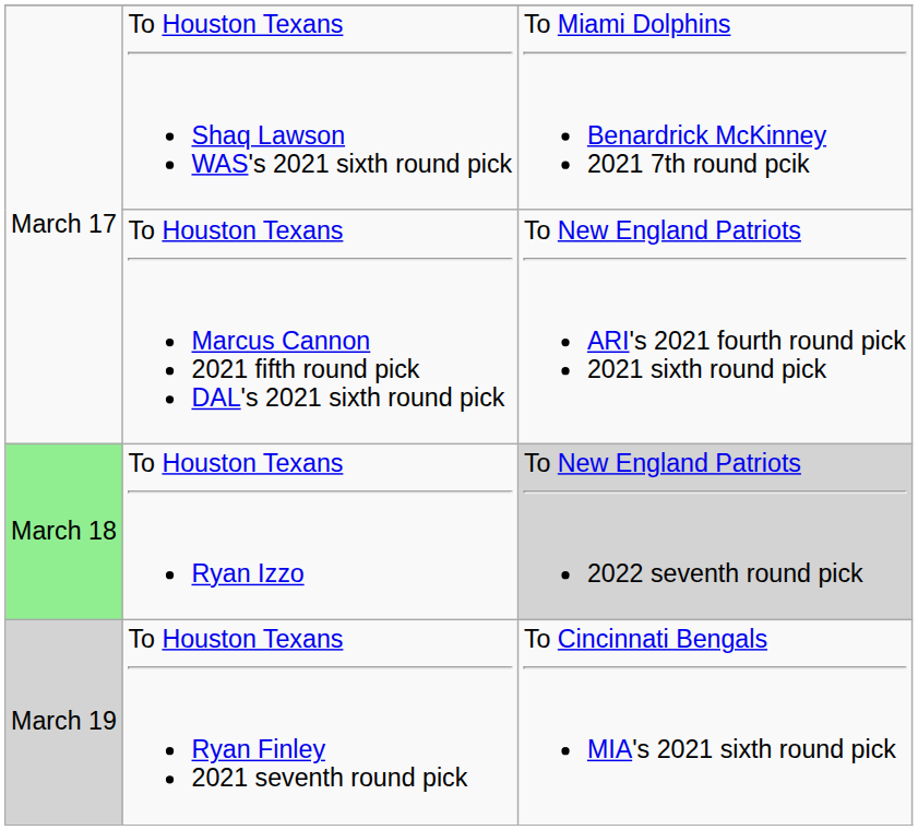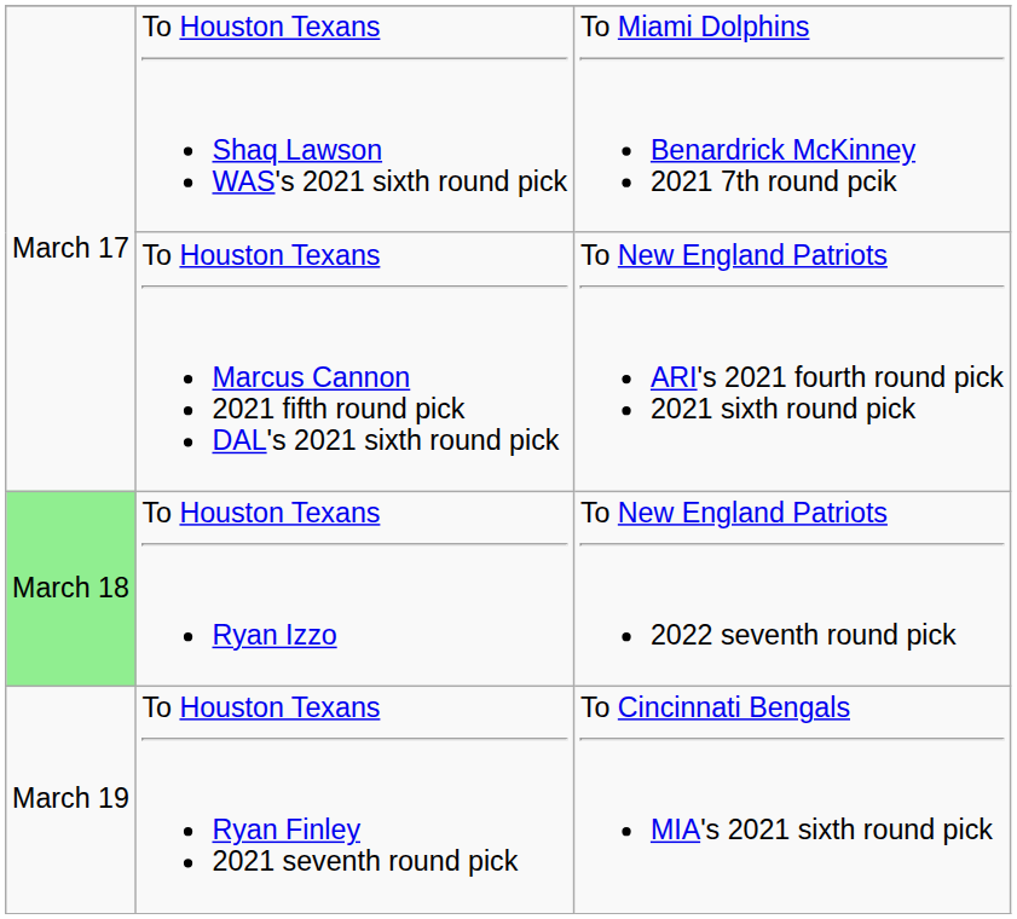 <table class="wikitable" style="text-align:center">
 <tr>
 </tr>
 <tr>
 <td rowspan=2>March 17</td>
 <td align=left valign=top>To <a href='#'>Houston Texans</a><hr><br><ul><li><a href='#'>Shaq Lawson</a></li><li><a href='#'>WAS</a>'s 2021 sixth round pick</li></ul></td>
 <td align=left valign=top>To <a href='#'>Miami Dolphins</a><hr><br><ul><li><a href='#'>Benardrick McKinney</a></li><li>2021 7th round pcik</li></ul></td>
 </tr>
 <tr>
 <td align=left valign=top>To <a href='#'>Houston Texans</a><hr><br><ul><li><a href='#'>Marcus Cannon</a></li><li>2021 fifth round pick</li><li><a href='#'>DAL</a>'s 2021 sixth round pick</li></ul></td>
 <td align=left valign=top>To <a href='#'>New England Patriots</a><hr><br><ul><li><a href='#'>ARI</a>'s 2021 fourth round pick</li><li>2021 sixth round pick</li></ul></td>
 </tr>
 <tr>
 <td style="background: lightgreen;">March 18</td>
 <td align=left valign=top>To <a href='#'>Houston Texans</a><hr><br><ul><li><a href='#'>Ryan Izzo</a></li></ul></td>
-<td align=left valign=top style="background: lightgrey;">To <a href='#'>New England Patriots</a><hr><br><ul><li>2022 seventh round pick</li></ul></td>
+<td align=left valign=top>To <a href='#'>New England Patriots</a><hr><br><ul><li>2022 seventh round pick</li></ul></td>
 </tr>
 <tr>
-<td style="background: lightgrey;">March 19</td>
+<td>March 19</td>
 <td align=left valign=top>To <a href='#'>Houston Texans</a><hr><br><ul><li><a href='#'>Ryan Finley</a></li><li>2021 seventh round pick</li></ul></td>
 <td align=left valign=top>To <a href='#'>Cincinnati Bengals</a><hr><br><ul><li><a href='#'>MIA</a>'s 2021 sixth round pick</li></ul></td>
 </tr>
 <tr>
 </tr>
 </table>
